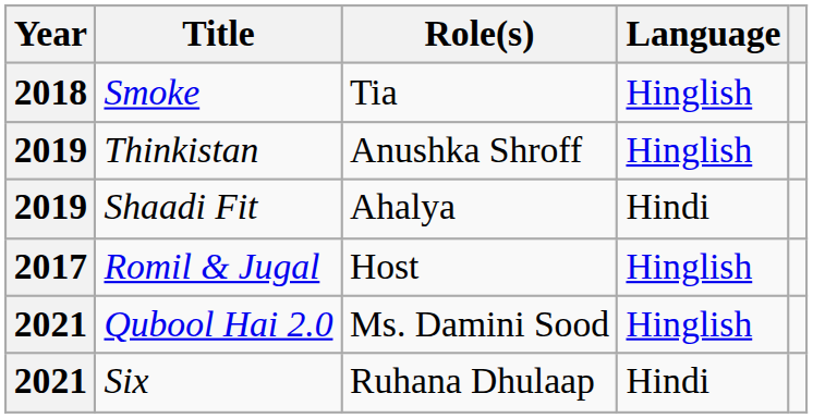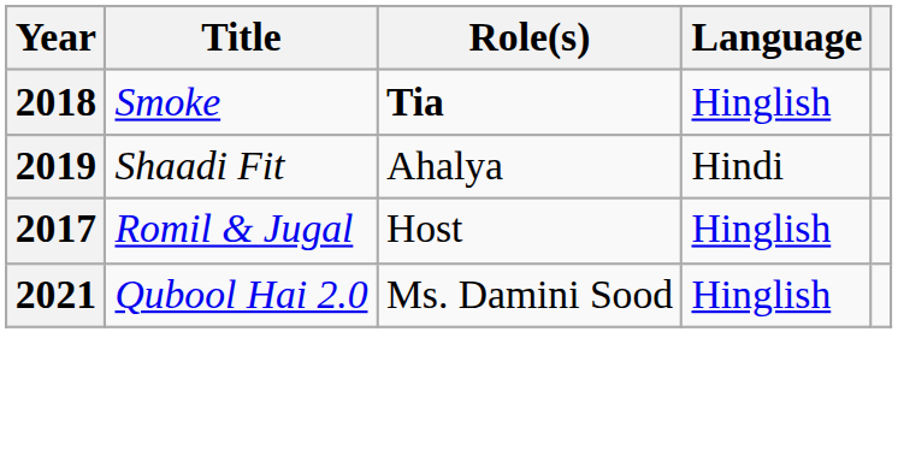 <table class="wikitable ">
 <tr>
 <th scope="col">Year</th>
 <th scope="col">Title</th>
 <th scope="col">Role(s)</th>
 <th scope="col">Language</th>
 <th scope="col" ></th>
 </tr>
 <tr>
 <th scope="row">2018</th>
 <td><em><a href='#'>Smoke</a></em></td>
-<td>Tia</td>
-<td><a href='#'>Hinglish</a></td>
-<td></td>
-</tr>
-<tr>
-<th scope="row">2019</th>
-<td><em>Thinkistan</em></td>
-<td>Anushka Shroff</td>
+<td><strong>Tia</strong></td>
 <td><a href='#'>Hinglish</a></td>
 <td></td>
 </tr>
 <tr>
 <th scope="row">2019</th>
 <td><em>Shaadi Fit</em></td>
 <td>Ahalya</td>
 <td>Hindi</td>
 <td></td>
 </tr>
 <tr>
 <th scope="row">2017</th>
 <td><em><a href='#'>Romil & Jugal</a></em></td>
 <td>Host</td>
 <td><a href='#'>Hinglish</a></td>
 <td></td>
 </tr>
 <tr>
 <th scope="row">2021</th>
 <td><em><a href='#'>Qubool Hai 2.0</a></em></td>
 <td>Ms. Damini Sood</td>
 <td><a href='#'>Hinglish</a></td>
 <td></td>
 </tr>
-<tr>
-<th scope="row">2021</th>
-<td><em>Six</em></td>
-<td>Ruhana Dhulaap</td>
-<td>Hindi</td>
-<td></td>
-</tr>
 </table>
